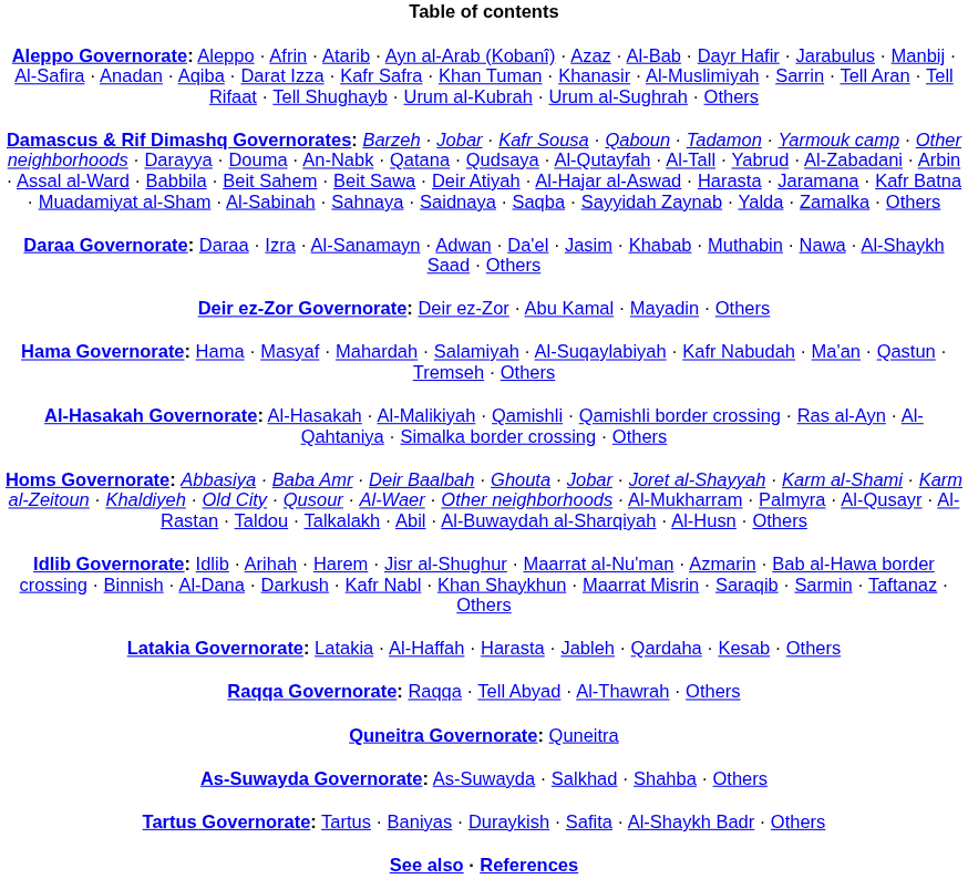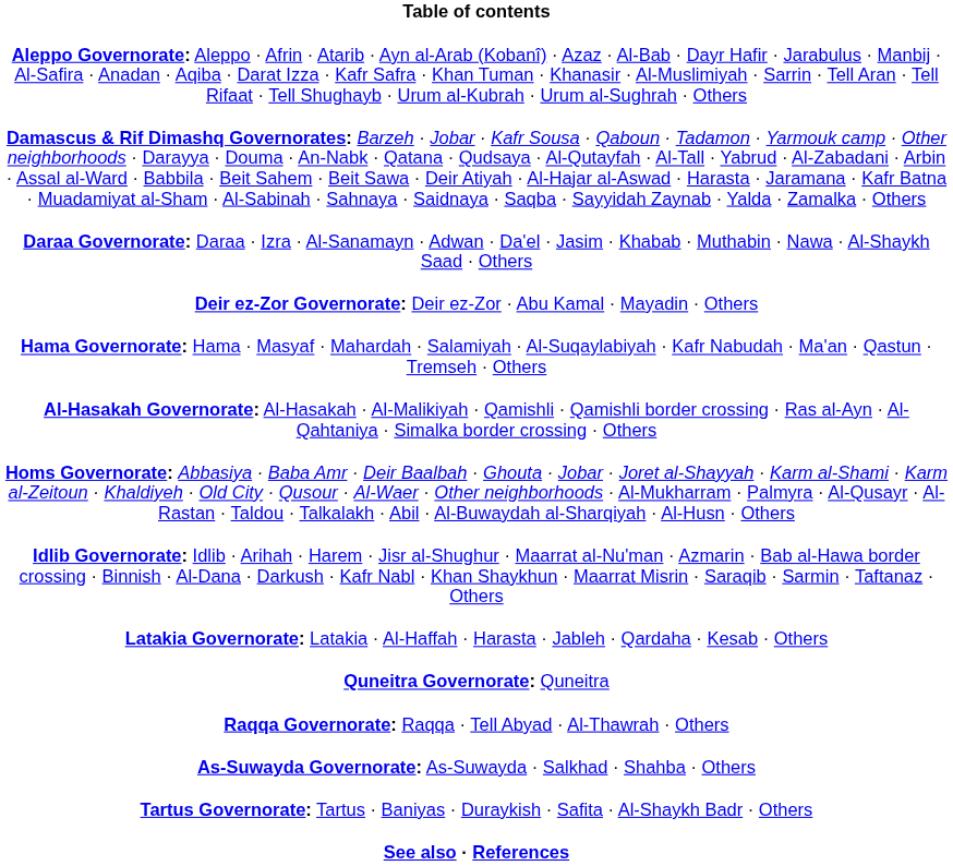 <table class="toccolours" style="margin:0 auto; width:55em; clear:both;">
 <tr>
 <th>Table of contents</th>
 </tr>
 <tr>
 <td style="padding:0 2% 0 2%; text-align:center;"><br><strong><a href='#'>Aleppo Governorate</a>:</strong> <a href='#'>Aleppo</a> · <a href='#'>Afrin</a> · <a href='#'>Atarib</a> · <a href='#'>Ayn al-Arab (Kobanî)</a> · <a href='#'>Azaz</a> · <a href='#'>Al-Bab</a> · <a href='#'>Dayr Hafir</a> · <a href='#'>Jarabulus</a> · <a href='#'>Manbij</a> · <a href='#'>Al-Safira</a> · <a href='#'>Anadan</a> · <a href='#'>Aqiba</a> · <a href='#'>Darat Izza</a> · <a href='#'>Kafr Safra</a> · <a href='#'>Khan Tuman</a> · <a href='#'>Khanasir</a> · <a href='#'>Al-Muslimiyah</a> · <a href='#'>Sarrin</a> · <a href='#'>Tell Aran</a> · <a href='#'>Tell Rifaat</a> · <a href='#'>Tell Shughayb</a> · <a href='#'>Urum al-Kubrah</a> · <a href='#'>Urum al-Sughrah</a> · <a href='#'>Others</a></td>
 </tr>
 <tr>
 <td style="padding:0 2% 0 2%; text-align:center;"><br><strong><a href='#'>Damascus & Rif Dimashq Governorates</a>:</strong> <em><a href='#'>Barzeh</a> ·</em> <em><a href='#'>Jobar</a> ·</em> <em><a href='#'>Kafr Sousa</a> ·</em> <em><a href='#'>Qaboun</a> ·</em> <em><a href='#'>Tadamon</a> ·</em> <em><a href='#'>Yarmouk camp</a> ·</em> <em><a href='#'>Other neighborhoods</a> ·</em> <a href='#'>Darayya</a> · <a href='#'>Douma</a> · <a href='#'>An-Nabk</a> · <a href='#'>Qatana</a> · <a href='#'>Qudsaya</a> · <a href='#'>Al-Qutayfah</a> · <a href='#'>Al-Tall</a> · <a href='#'>Yabrud</a> · <a href='#'>Al-Zabadani</a> · <a href='#'>Arbin</a> · <a href='#'>Assal al-Ward</a> · <a href='#'>Babbila</a> · <a href='#'>Beit Sahem</a> · <a href='#'>Beit Sawa</a> · <a href='#'>Deir Atiyah</a> · <a href='#'>Al-Hajar al-Aswad</a> · <a href='#'>Harasta</a> · <a href='#'>Jaramana</a> · <a href='#'>Kafr Batna</a> · <a href='#'>Muadamiyat al-Sham</a> · <a href='#'>Al-Sabinah</a> · <a href='#'>Sahnaya</a> · <a href='#'>Saidnaya</a> · <a href='#'>Saqba</a> · <a href='#'>Sayyidah Zaynab</a> · <a href='#'>Yalda</a> · <a href='#'>Zamalka</a> · <a href='#'>Others</a></td>
 </tr>
 <tr>
 <td style="padding:0 2% 0 2%; text-align:center;"><br><strong><a href='#'>Daraa Governorate</a>:</strong> <a href='#'>Daraa</a> · <a href='#'>Izra</a> · <a href='#'>Al-Sanamayn</a> · <a href='#'>Adwan</a> · <a href='#'>Da'el</a> · <a href='#'>Jasim</a> · <a href='#'>Khabab</a> · <a href='#'>Muthabin</a> · <a href='#'>Nawa</a> · <a href='#'>Al-Shaykh Saad</a> · <a href='#'>Others</a></td>
 </tr>
 <tr>
 <td style="padding:0 2% 0 2%; text-align:center;"><br><strong><a href='#'>Deir ez-Zor Governorate</a>:</strong> <a href='#'>Deir ez-Zor</a> · <a href='#'>Abu Kamal</a> · <a href='#'>Mayadin</a> · <a href='#'>Others</a></td>
 </tr>
 <tr>
 <td style="padding:0 2% 0 2%; text-align:center;"><br><strong><a href='#'>Hama Governorate</a>:</strong> <a href='#'>Hama</a> · <a href='#'>Masyaf</a> · <a href='#'>Mahardah</a> · <a href='#'>Salamiyah</a> · <a href='#'>Al-Suqaylabiyah</a> · <a href='#'>Kafr Nabudah</a> · <a href='#'>Ma'an</a> · <a href='#'>Qastun</a> · <a href='#'>Tremseh</a> · <a href='#'>Others</a></td>
 </tr>
 <tr>
 <td style="padding:0 2% 0 2%; text-align:center;"><br><strong><a href='#'>Al-Hasakah Governorate</a>:</strong> <a href='#'>Al-Hasakah</a> · <a href='#'>Al-Malikiyah</a> · <a href='#'>Qamishli</a> · <a href='#'>Qamishli border crossing</a> · <a href='#'>Ras al-Ayn</a> · <a href='#'>Al-Qahtaniya</a> · <a href='#'>Simalka border crossing</a> · <a href='#'>Others</a></td>
 </tr>
 <tr>
 <td style="padding:0 2% 0 2%; text-align:center;"><br><strong><a href='#'>Homs Governorate</a>:</strong> <em><a href='#'>Abbasiya</a> ·</em> <em><a href='#'>Baba Amr</a> ·</em> <em><a href='#'>Deir Baalbah</a> ·</em> <em><a href='#'>Ghouta</a> ·</em> <em><a href='#'>Jobar</a> ·</em> <em><a href='#'>Joret al-Shayyah</a> ·</em> <em><a href='#'>Karm al-Shami</a> ·</em> <em><a href='#'>Karm al-Zeitoun</a> ·</em> <em><a href='#'>Khaldiyeh</a> ·</em> <em><a href='#'>Old City</a> ·</em> <em><a href='#'>Qusour</a> ·</em> <em><a href='#'>Al-Waer</a> ·</em> <em><a href='#'>Other neighborhoods</a> ·</em> <a href='#'>Al-Mukharram</a> · <a href='#'>Palmyra</a> · <a href='#'>Al-Qusayr</a> · <a href='#'>Al-Rastan</a> · <a href='#'>Taldou</a> · <a href='#'>Talkalakh</a> · <a href='#'>Abil</a> · <a href='#'>Al-Buwaydah al-Sharqiyah</a> · <a href='#'>Al-Husn</a> · <a href='#'>Others</a></td>
 </tr>
 <tr>
 <td style="padding:0 2% 0 2%; text-align:center;"><br><strong><a href='#'>Idlib Governorate</a>:</strong> <a href='#'>Idlib</a> · <a href='#'>Arihah</a> · <a href='#'>Harem</a> · <a href='#'>Jisr al-Shughur</a> · <a href='#'>Maarrat al-Nu'man</a> · <a href='#'>Azmarin</a> · <a href='#'>Bab al-Hawa border crossing</a> · <a href='#'>Binnish</a> · <a href='#'>Al-Dana</a> · <a href='#'>Darkush</a> · <a href='#'>Kafr Nabl</a> · <a href='#'>Khan Shaykhun</a> · <a href='#'>Maarrat Misrin</a> · <a href='#'>Saraqib</a> · <a href='#'>Sarmin</a> · <a href='#'>Taftanaz</a> · <a href='#'>Others</a></td>
 </tr>
 <tr>
 <td style="padding:0 2% 0 2%; text-align:center;"><br><strong><a href='#'>Latakia Governorate</a>:</strong> <a href='#'>Latakia</a> · <a href='#'>Al-Haffah</a> · <a href='#'>Harasta</a> · <a href='#'>Jableh</a> · <a href='#'>Qardaha</a> · <a href='#'>Kesab</a> · <a href='#'>Others</a></td>
 </tr>
 <tr>
-<td style="padding:0 2% 0 2%; text-align:center;"><br><strong><a href='#'>Raqqa Governorate</a>:</strong> <a href='#'>Raqqa</a> · <a href='#'>Tell Abyad</a> · <a href='#'>Al-Thawrah</a> · <a href='#'>Others</a></td>
+<td style="padding:0 2% 0 2%; text-align:center;"><br><strong><a href='#'>Quneitra Governorate</a>:</strong> <a href='#'>Quneitra</a></td>
 </tr>
 <tr>
-<td style="padding:0 2% 0 2%; text-align:center;"><br><strong><a href='#'>Quneitra Governorate</a>:</strong> <a href='#'>Quneitra</a></td>
+<td style="padding:0 2% 0 2%; text-align:center;"><br><strong><a href='#'>Raqqa Governorate</a>:</strong> <a href='#'>Raqqa</a> · <a href='#'>Tell Abyad</a> · <a href='#'>Al-Thawrah</a> · <a href='#'>Others</a></td>
 </tr>
 <tr>
 <td style="padding:0 2% 0 2%; text-align:center;"><br><strong><a href='#'>As-Suwayda Governorate</a>:</strong> <a href='#'>As-Suwayda</a> · <a href='#'>Salkhad</a> · <a href='#'>Shahba</a> · <a href='#'>Others</a></td>
 </tr>
 <tr>
 <td style="padding:0 2% 0 2%; text-align:center;"><br><strong><a href='#'>Tartus Governorate</a>:</strong> <a href='#'>Tartus</a> · <a href='#'>Baniyas</a> · <a href='#'>Duraykish</a> · <a href='#'>Safita</a> · <a href='#'>Al-Shaykh Badr</a> · <a href='#'>Others</a></td>
 </tr>
 <tr>
 <td style="padding:0 2% 0 2%; text-align:center;"><strong><br><a href='#'>See also</a> · <a href='#'>References</a></strong></td>
 </tr>
 </table>
